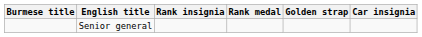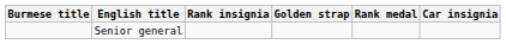 <table class="wikitable">
 <tr style="text-align:center; background:#efefef;">
 <th>Burmese title</th>
 <th>English title</th>
 <th>Rank insignia</th>
+<th>Golden strap<br></th>
 <th>Rank medal<br></th>
-<th>Golden strap<br></th>
 <th>Car insignia<br></th>
 </tr>
 <tr style="text-align:center">
 <td></td>
 <td>Senior general</td>
 <td></td>
 <td></td>
 <td></td>
 <td></td>
 </tr>
 </table>
